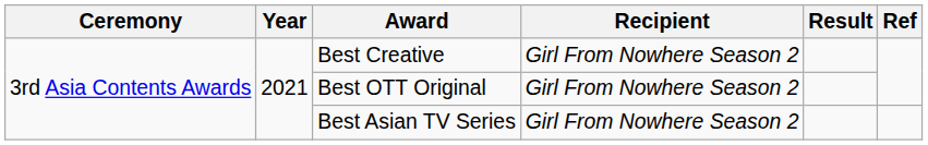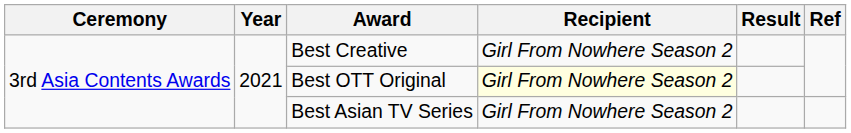 <table class="wikitable">
 <tr>
 <th>Ceremony</th>
 <th>Year</th>
 <th>Award</th>
 <th>Recipient</th>
 <th>Result</th>
 <th>Ref</th>
 </tr>
 <tr>
 <td rowspan="3">3rd <a href='#'>Asia Contents Awards</a></td>
 <td rowspan="3">2021</td>
 <td>Best Creative</td>
 <td><em>Girl From Nowhere Season 2</em></td>
 <td></td>
 <td rowspan="2"></td>
 </tr>
 <tr>
 <td>Best OTT Original</td>
-<td><em>Girl From Nowhere Season 2</em></td>
+<td style="background: lightyellow;"><em>Girl From Nowhere Season 2</em></td>
 <td></td>
 </tr>
 <tr>
 <td>Best Asian TV Series</td>
 <td><em>Girl From Nowhere Season 2</em></td>
 <td></td>
 <td></td>
 </tr>
 </table>
